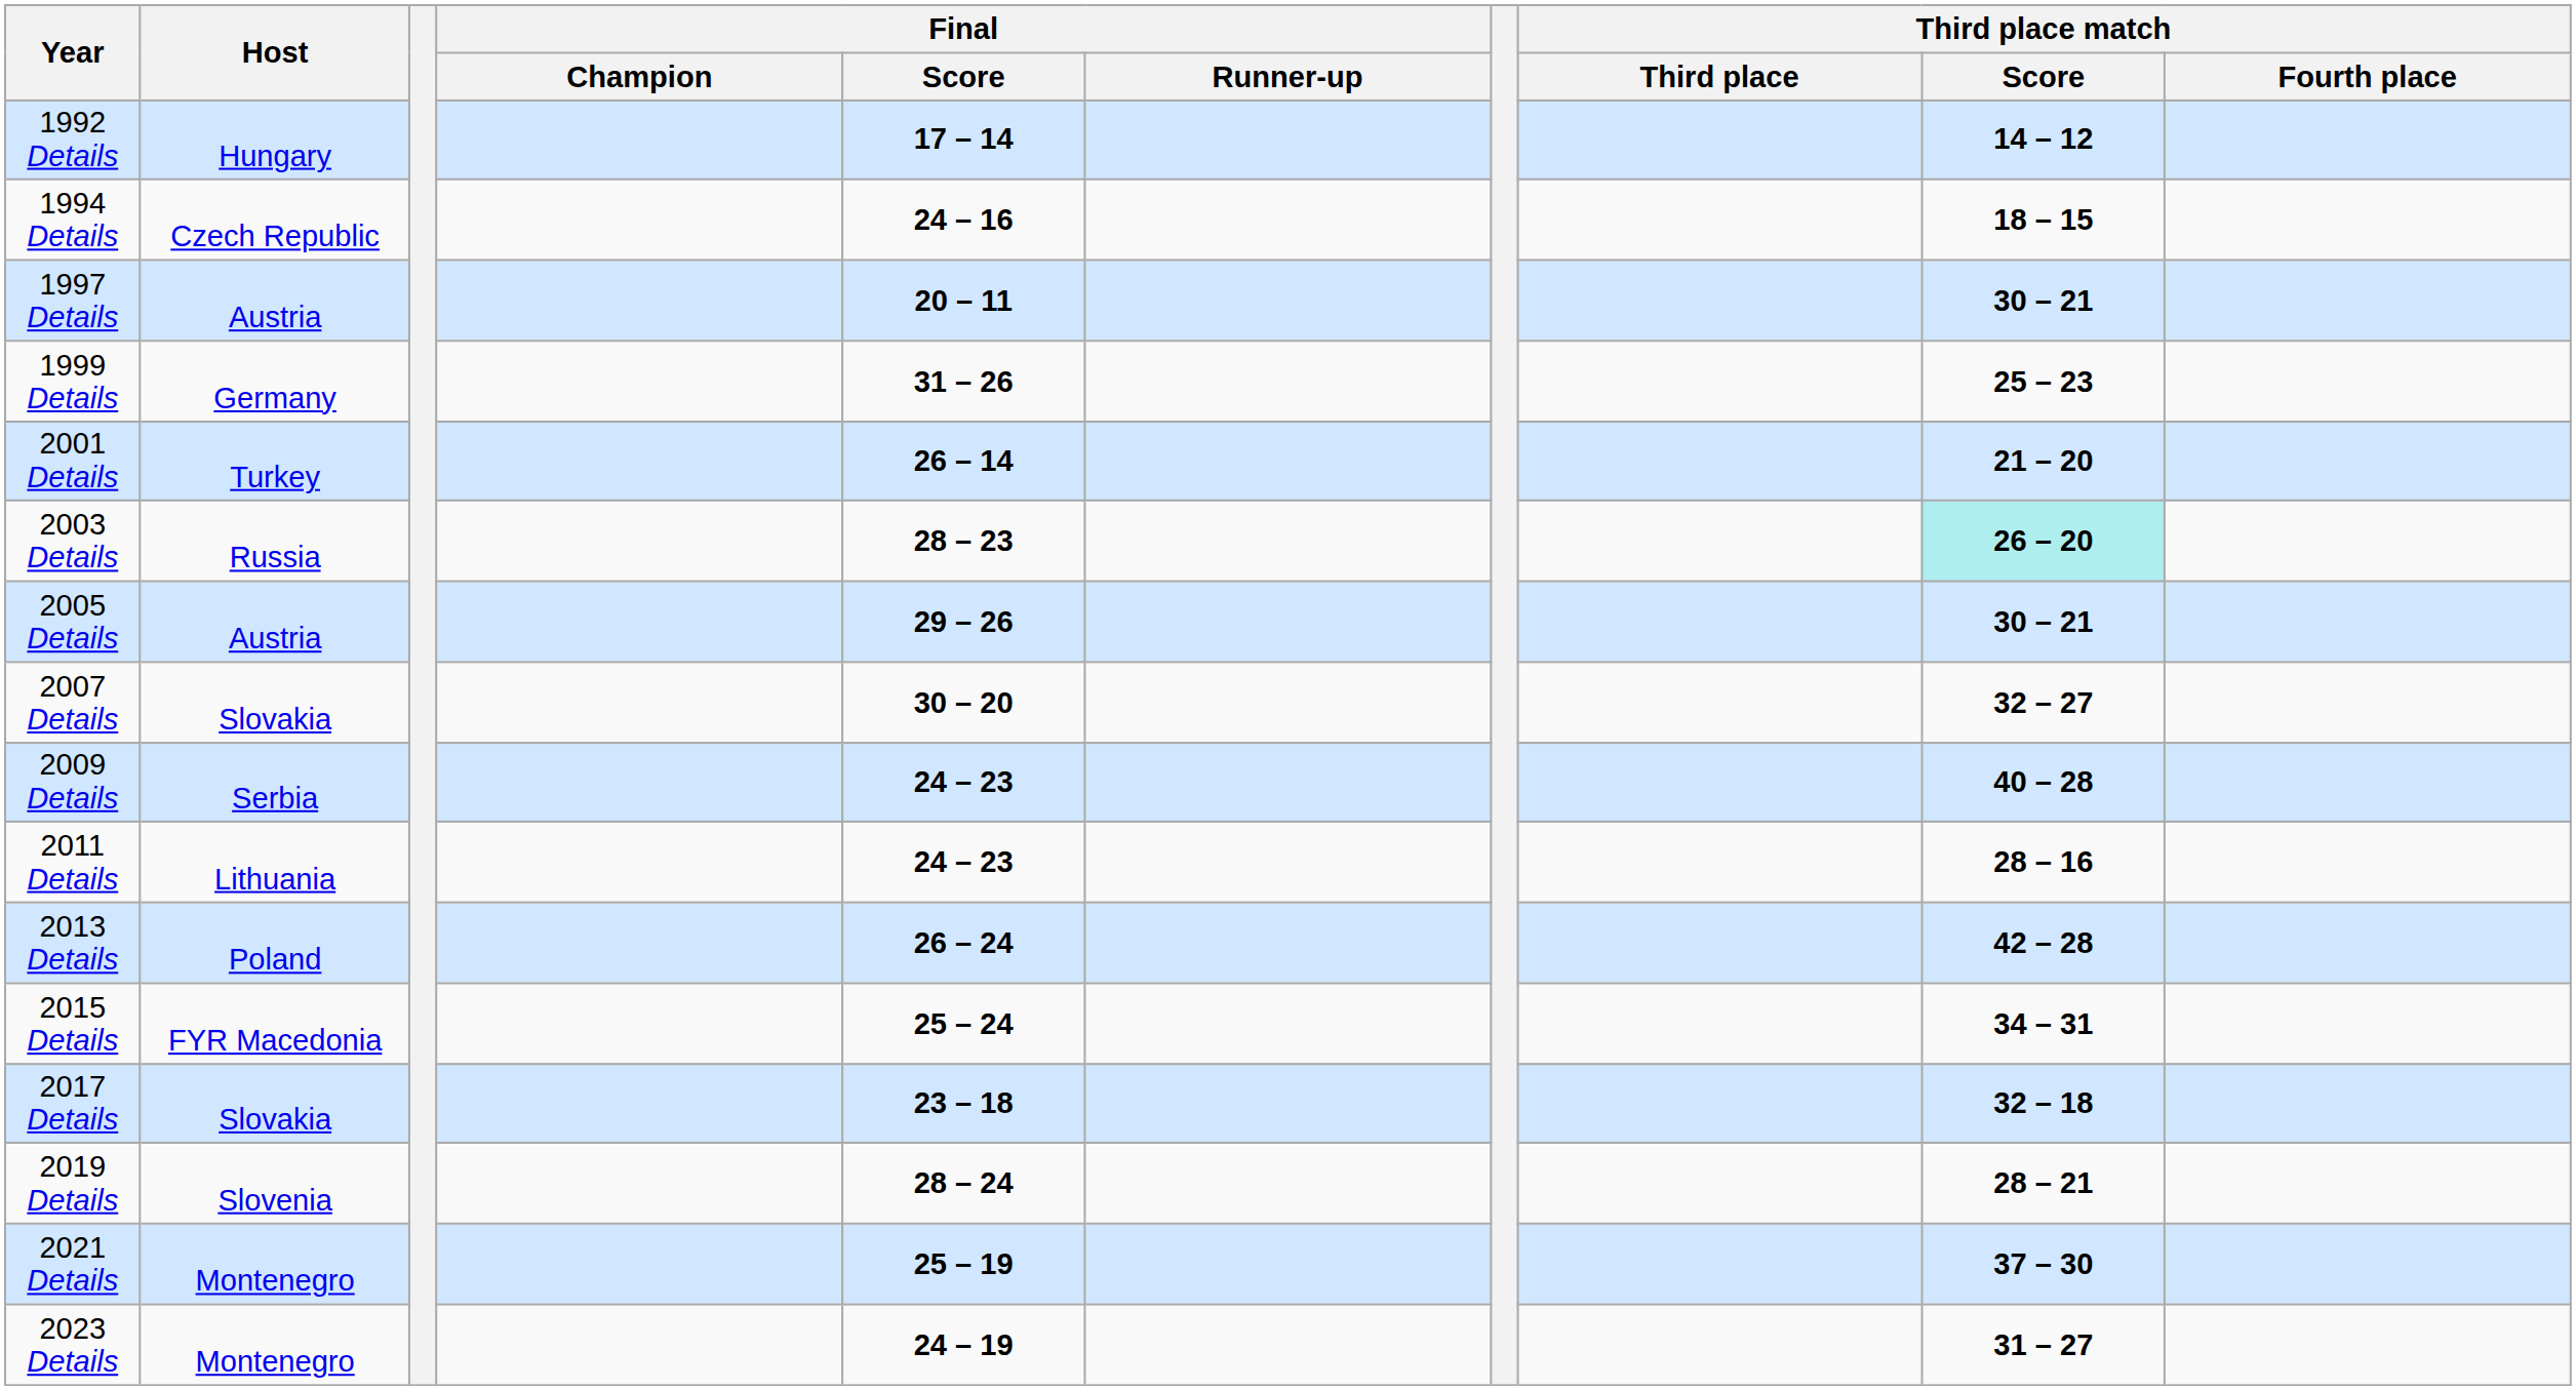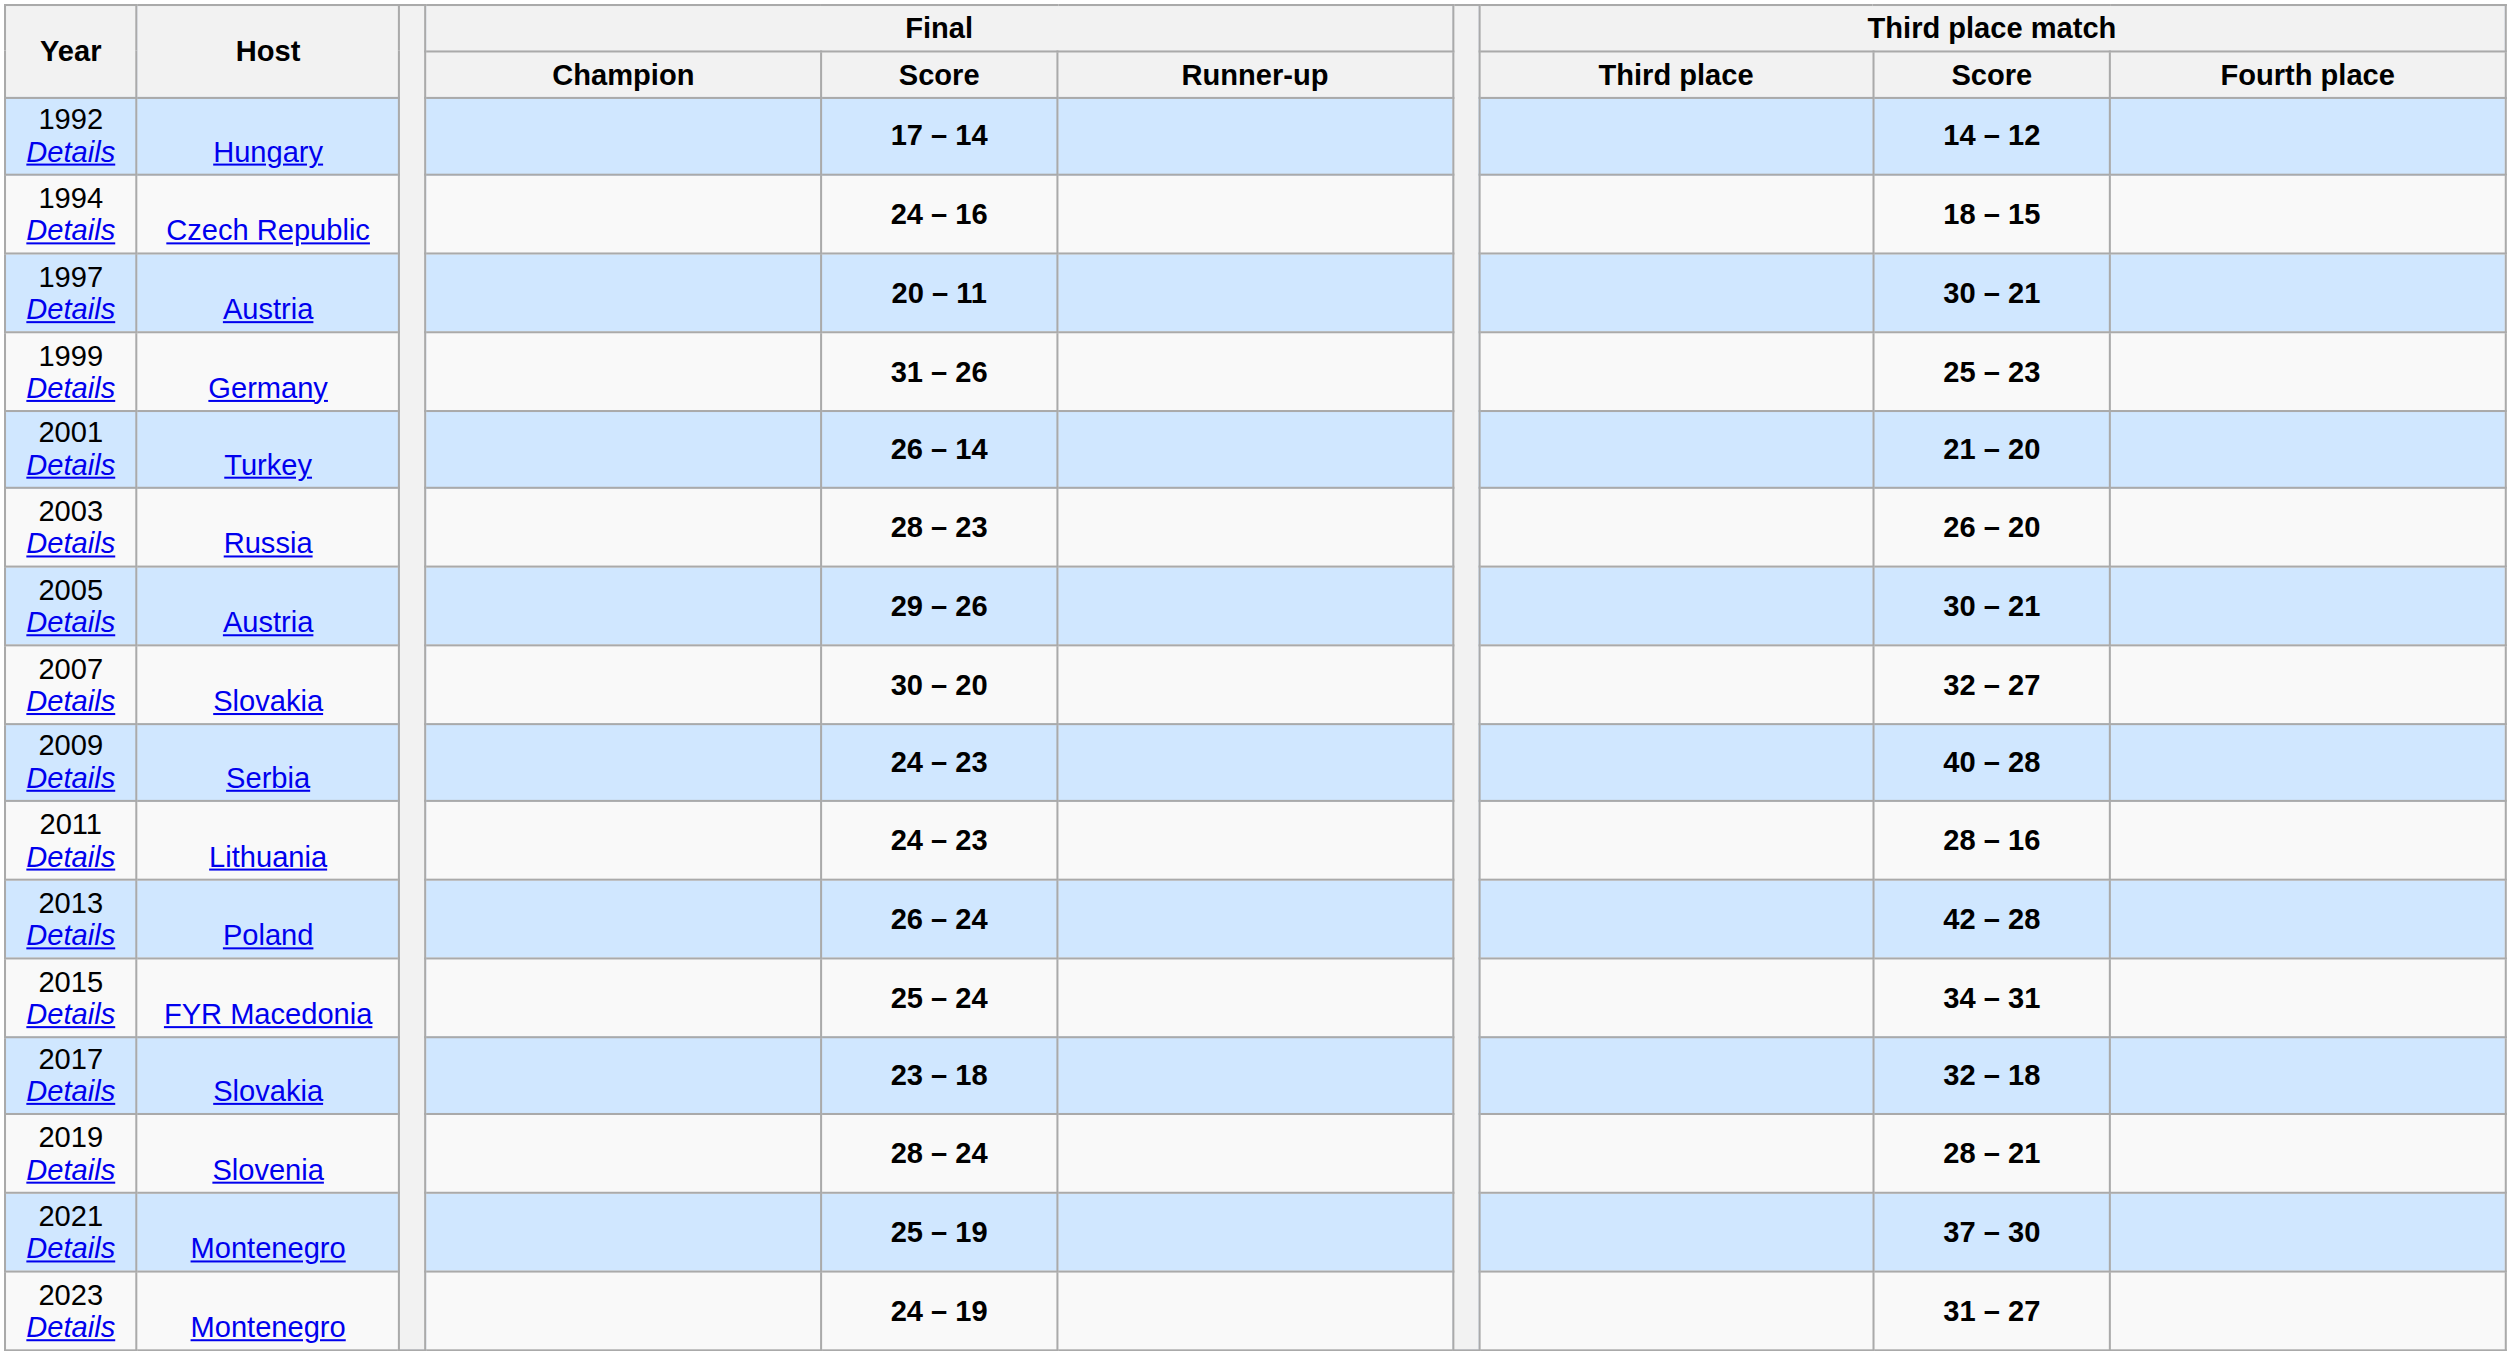 <table class="wikitable" style="font-size:90%; width: 98%; text-align: center;">
 <tr bgcolor=#C1D8FF>
 <th rowspan=2 width=5%>Year</th>
 <th rowspan=2 width=10%>Host</th>
 <th rowspan="18" width="1%" bgcolor="ffffff"></th>
 <th colspan=3>Final</th>
 <th rowspan="18" width="1%" bgcolor="ffffff"></th>
 <th colspan=3>Third place match</th>
 </tr>
 <tr bgcolor=#EFEFEF>
 <th width=15%>Champion</th>
 <th width=9%>Score</th>
 <th width=15%>Runner-up</th>
 <th width=15%>Third place</th>
 <th width=9%>Score</th>
 <th width=15%>Fourth place</th>
 </tr>
 <tr bgcolor=#D0E7FF>
 <td>1992<br><em><a href='#'>Details</a></em></td>
 <td><br><a href='#'>Hungary</a></td>
 <td><strong></strong></td>
 <td><strong>17 – 14</strong></td>
 <td></td>
 <td></td>
 <td><strong>14 – 12</strong></td>
 <td></td>
 </tr>
 <tr>
 <td>1994<br><em><a href='#'>Details</a></em></td>
 <td><br><a href='#'>Czech Republic</a></td>
 <td><strong></strong></td>
 <td><strong>24 – 16</strong></td>
 <td></td>
 <td></td>
 <td><strong>18 – 15</strong></td>
 <td></td>
 </tr>
 <tr bgcolor=#D0E7FF>
 <td>1997<br><em><a href='#'>Details</a></em></td>
 <td><br><a href='#'>Austria</a></td>
 <td><strong></strong></td>
 <td><strong>20 – 11</strong></td>
 <td></td>
 <td></td>
 <td><strong>30 – 21</strong></td>
 <td></td>
 </tr>
 <tr>
 <td>1999<br><em><a href='#'>Details</a></em></td>
 <td><br><a href='#'>Germany</a></td>
 <td><strong></strong></td>
 <td><strong>31 – 26</strong></td>
 <td></td>
 <td></td>
 <td><strong>25 – 23</strong></td>
 <td></td>
 </tr>
 <tr bgcolor=#D0E7FF>
 <td>2001<br><em><a href='#'>Details</a></em></td>
 <td><br><a href='#'>Turkey</a></td>
 <td><strong></strong></td>
 <td><strong>26 – 14</strong></td>
 <td></td>
 <td></td>
 <td><strong>21 – 20</strong></td>
 <td></td>
 </tr>
 <tr>
 <td>2003<br><em><a href='#'>Details</a></em></td>
 <td><br><a href='#'>Russia</a></td>
 <td><strong></strong></td>
 <td><strong>28 – 23</strong></td>
 <td></td>
 <td></td>
-<td style="background: paleturquoise;"><strong>26 – 20</strong></td>
+<td><strong>26 – 20</strong></td>
 <td></td>
 </tr>
 <tr bgcolor=#D0E7FF>
 <td>2005<br><em><a href='#'>Details</a></em></td>
 <td><br><a href='#'>Austria</a></td>
 <td><strong></strong></td>
 <td><strong>29 – 26</strong></td>
 <td></td>
 <td></td>
 <td><strong>30 – 21</strong></td>
 <td></td>
 </tr>
 <tr>
 <td>2007<br><em><a href='#'>Details</a></em></td>
 <td><br><a href='#'>Slovakia</a></td>
 <td><strong></strong></td>
 <td><strong>30 – 20</strong></td>
 <td></td>
 <td></td>
 <td><strong>32 – 27</strong></td>
 <td></td>
 </tr>
 <tr bgcolor=#D0E7FF>
 <td>2009<br><em><a href='#'>Details</a></em></td>
 <td><br><a href='#'>Serbia</a></td>
 <td><strong></strong></td>
 <td><strong>24 – 23</strong></td>
 <td></td>
 <td></td>
 <td><strong>40 – 28</strong></td>
 <td></td>
 </tr>
 <tr>
 <td>2011<br><em><a href='#'>Details</a></em></td>
 <td><br><a href='#'>Lithuania</a></td>
 <td><strong></strong></td>
 <td><strong>24 – 23</strong></td>
 <td></td>
 <td></td>
 <td><strong>28 – 16</strong></td>
 <td></td>
 </tr>
 <tr bgcolor=#D0E7FF>
 <td>2013<br><em><a href='#'>Details</a></em></td>
 <td><br><a href='#'>Poland</a></td>
 <td><strong></strong></td>
 <td><strong>26 – 24</strong></td>
 <td></td>
 <td></td>
 <td><strong>42 – 28</strong></td>
 <td></td>
 </tr>
 <tr>
 <td>2015<br><em><a href='#'>Details</a></em></td>
 <td><br><a href='#'>FYR Macedonia</a></td>
 <td><strong></strong></td>
 <td><strong>25 – 24</strong></td>
 <td></td>
 <td></td>
 <td><strong>34 – 31</strong></td>
 <td></td>
 </tr>
 <tr bgcolor=#D0E7FF>
 <td>2017<br><em><a href='#'>Details</a></em></td>
 <td><br><a href='#'>Slovakia</a></td>
 <td><strong></strong></td>
 <td><strong>23 – 18</strong></td>
 <td></td>
 <td></td>
 <td><strong>32 – 18</strong></td>
 <td></td>
 </tr>
 <tr>
 <td>2019<br><em><a href='#'>Details</a></em></td>
 <td><br><a href='#'>Slovenia</a></td>
 <td><strong></strong></td>
 <td><strong>28 – 24</strong></td>
 <td></td>
 <td></td>
 <td><strong>28 – 21</strong></td>
 <td></td>
 </tr>
 <tr bgcolor=#D0E7FF>
 <td>2021<br><em><a href='#'>Details</a></em></td>
 <td><br><a href='#'>Montenegro</a></td>
 <td><strong></strong></td>
 <td><strong>25 – 19</strong></td>
 <td></td>
 <td></td>
 <td><strong>37 – 30</strong></td>
 <td></td>
 </tr>
 <tr>
 <td>2023<br><em><a href='#'>Details</a></em></td>
 <td><br><a href='#'>Montenegro</a></td>
 <td><strong></strong></td>
 <td><strong>24 – 19</strong></td>
 <td></td>
 <td></td>
 <td><strong>31 – 27</strong></td>
 <td></td>
 </tr>
 </table>
